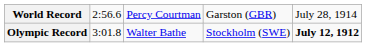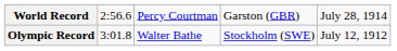 <table class="wikitable" style="font-size:95%;">
 <tr>
 <th>World Record</th>
 <td>2:56.6</td>
 <td> <a href='#'>Percy Courtman</a></td>
 <td>Garston (<a href='#'>GBR</a>)</td>
 <td>July 28, 1914</td>
 </tr>
 <tr>
 <th>Olympic Record</th>
 <td>3:01.8</td>
 <td> <a href='#'>Walter Bathe</a></td>
 <td><a href='#'>Stockholm</a> (<a href='#'>SWE</a>)</td>
-<td><strong>July 12, 1912</strong></td>
+<td>July 12, 1912</td>
 </tr>
 </table>
